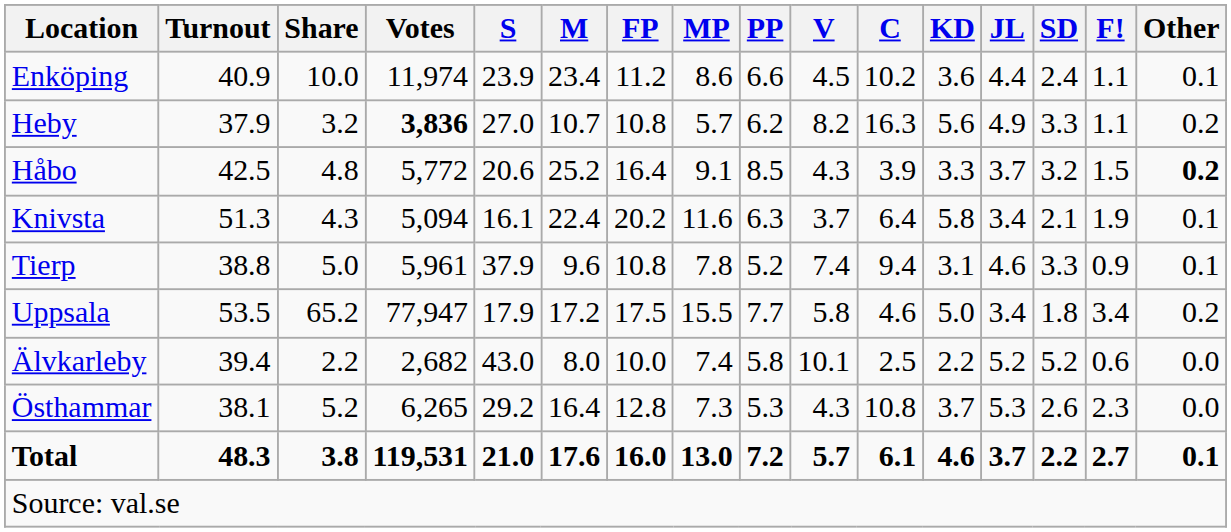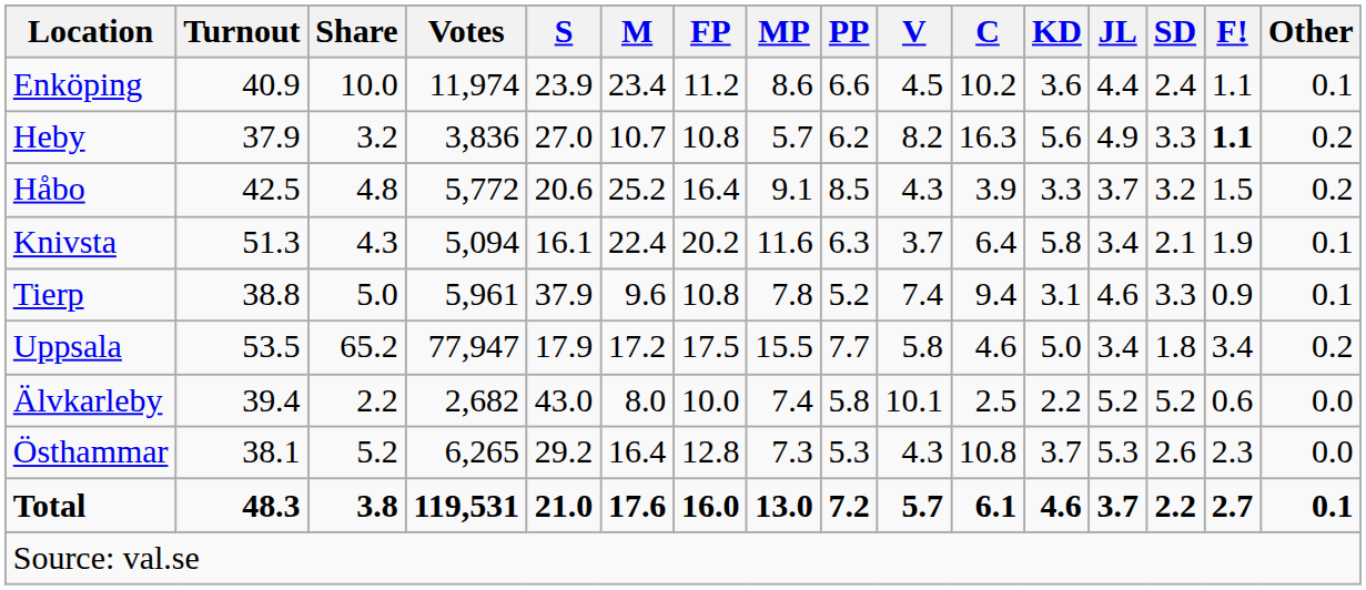 <table class="wikitable sortable" style=text-align:right>
 <tr>
 <th>Location</th>
 <th>Turnout</th>
 <th>Share</th>
 <th>Votes</th>
 <th><a href='#'>S</a></th>
 <th><a href='#'>M</a></th>
 <th><a href='#'>FP</a></th>
 <th><a href='#'>MP</a></th>
 <th><a href='#'>PP</a></th>
 <th><a href='#'>V</a></th>
 <th><a href='#'>C</a></th>
 <th><a href='#'>KD</a></th>
 <th><a href='#'>JL</a></th>
 <th><a href='#'>SD</a></th>
 <th><a href='#'>F!</a></th>
 <th>Other</th>
 </tr>
 <tr>
 <td align=left><a href='#'>Enköping</a></td>
 <td>40.9</td>
 <td>10.0</td>
 <td>11,974</td>
 <td>23.9</td>
 <td>23.4</td>
 <td>11.2</td>
 <td>8.6</td>
 <td>6.6</td>
 <td>4.5</td>
 <td>10.2</td>
 <td>3.6</td>
 <td>4.4</td>
 <td>2.4</td>
 <td>1.1</td>
 <td>0.1</td>
 </tr>
 <tr>
 <td align=left><a href='#'>Heby</a></td>
 <td>37.9</td>
 <td>3.2</td>
-<td><strong>3,836</strong></td>
+<td>3,836</td>
 <td>27.0</td>
 <td>10.7</td>
 <td>10.8</td>
 <td>5.7</td>
 <td>6.2</td>
 <td>8.2</td>
 <td>16.3</td>
 <td>5.6</td>
 <td>4.9</td>
 <td>3.3</td>
-<td>1.1</td>
+<td><strong>1.1</strong></td>
 <td>0.2</td>
 </tr>
 <tr>
 <td align=left><a href='#'>Håbo</a></td>
 <td>42.5</td>
 <td>4.8</td>
 <td>5,772</td>
 <td>20.6</td>
 <td>25.2</td>
 <td>16.4</td>
 <td>9.1</td>
 <td>8.5</td>
 <td>4.3</td>
 <td>3.9</td>
 <td>3.3</td>
 <td>3.7</td>
 <td>3.2</td>
 <td>1.5</td>
-<td><strong>0.2</strong></td>
+<td>0.2</td>
 </tr>
 <tr>
 <td align=left><a href='#'>Knivsta</a></td>
 <td>51.3</td>
 <td>4.3</td>
 <td>5,094</td>
 <td>16.1</td>
 <td>22.4</td>
 <td>20.2</td>
 <td>11.6</td>
 <td>6.3</td>
 <td>3.7</td>
 <td>6.4</td>
 <td>5.8</td>
 <td>3.4</td>
 <td>2.1</td>
 <td>1.9</td>
 <td>0.1</td>
 </tr>
 <tr>
 <td align=left><a href='#'>Tierp</a></td>
 <td>38.8</td>
 <td>5.0</td>
 <td>5,961</td>
 <td>37.9</td>
 <td>9.6</td>
 <td>10.8</td>
 <td>7.8</td>
 <td>5.2</td>
 <td>7.4</td>
 <td>9.4</td>
 <td>3.1</td>
 <td>4.6</td>
 <td>3.3</td>
 <td>0.9</td>
 <td>0.1</td>
 </tr>
 <tr>
 <td align=left><a href='#'>Uppsala</a></td>
 <td>53.5</td>
 <td>65.2</td>
 <td>77,947</td>
 <td>17.9</td>
 <td>17.2</td>
 <td>17.5</td>
 <td>15.5</td>
 <td>7.7</td>
 <td>5.8</td>
 <td>4.6</td>
 <td>5.0</td>
 <td>3.4</td>
 <td>1.8</td>
 <td>3.4</td>
 <td>0.2</td>
 </tr>
 <tr>
 <td align=left><a href='#'>Älvkarleby</a></td>
 <td>39.4</td>
 <td>2.2</td>
 <td>2,682</td>
 <td>43.0</td>
 <td>8.0</td>
 <td>10.0</td>
 <td>7.4</td>
 <td>5.8</td>
 <td>10.1</td>
 <td>2.5</td>
 <td>2.2</td>
 <td>5.2</td>
 <td>5.2</td>
 <td>0.6</td>
 <td>0.0</td>
 </tr>
 <tr>
 <td align=left><a href='#'>Östhammar</a></td>
 <td>38.1</td>
 <td>5.2</td>
 <td>6,265</td>
 <td>29.2</td>
 <td>16.4</td>
 <td>12.8</td>
 <td>7.3</td>
 <td>5.3</td>
 <td>4.3</td>
 <td>10.8</td>
 <td>3.7</td>
 <td>5.3</td>
 <td>2.6</td>
 <td>2.3</td>
 <td>0.0</td>
 </tr>
 <tr>
 <td align=left><strong>Total</strong></td>
 <td><strong>48.3</strong></td>
 <td><strong>3.8</strong></td>
 <td><strong>119,531</strong></td>
 <td><strong>21.0</strong></td>
 <td><strong>17.6</strong></td>
 <td><strong>16.0</strong></td>
 <td><strong>13.0</strong></td>
 <td><strong>7.2</strong></td>
 <td><strong>5.7</strong></td>
 <td><strong>6.1</strong></td>
 <td><strong>4.6</strong></td>
 <td><strong>3.7</strong></td>
 <td><strong>2.2</strong></td>
 <td><strong>2.7</strong></td>
 <td><strong>0.1</strong></td>
 </tr>
 <tr>
 <td align=left colspan=16>Source: val.se </td>
 </tr>
 </table>
